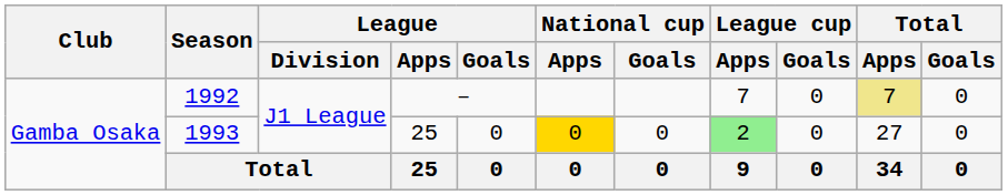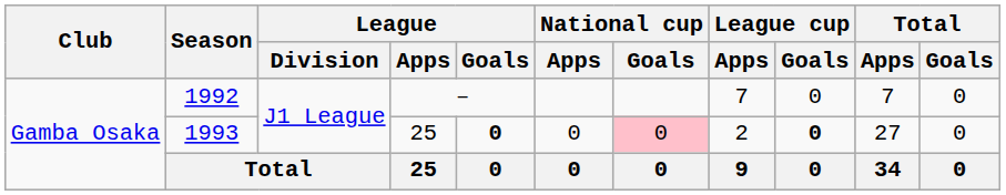 <table class="wikitable" style="text-align:center">
 <tr>
 <th rowspan="2">Club</th>
 <th rowspan="2">Season</th>
 <th colspan="3">League</th>
 <th colspan="2">National cup</th>
 <th colspan="2">League cup</th>
 <th colspan="2">Total</th>
 </tr>
 <tr>
 <th>Division</th>
 <th>Apps</th>
 <th>Goals</th>
 <th>Apps</th>
 <th>Goals</th>
 <th>Apps</th>
 <th>Goals</th>
 <th>Apps</th>
 <th>Goals</th>
 </tr>
 <tr>
 <td rowspan="3"><a href='#'>Gamba Osaka</a></td>
 <td><a href='#'>1992</a></td>
 <td rowspan="2"><a href='#'>J1 League</a></td>
 <td colspan="2">–</td>
 <td></td>
 <td></td>
 <td>7</td>
 <td>0</td>
-<td style="background: khaki;">7</td>
+<td>7</td>
 <td>0</td>
 </tr>
 <tr>
 <td><a href='#'>1993</a></td>
 <td>25</td>
+<td><strong>0</strong></td>
 <td>0</td>
-<td style="background: gold;">0</td>
-<td>0</td>
-<td style="background: lightgreen;">2</td>
-<td>0</td>
+<td style="background: pink;">0</td>
+<td>2</td>
+<td><strong>0</strong></td>
 <td>27</td>
 <td>0</td>
 </tr>
 <tr>
 <th colspan="2">Total</th>
 <th>25</th>
 <th>0</th>
 <th>0</th>
 <th>0</th>
 <th>9</th>
 <th>0</th>
 <th>34</th>
 <th>0</th>
 </tr>
 </table>
